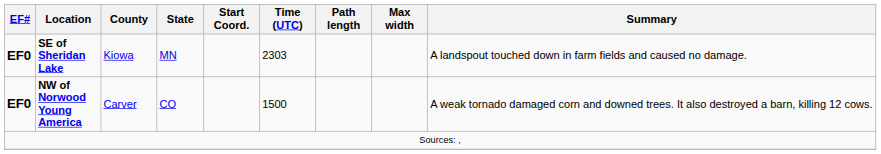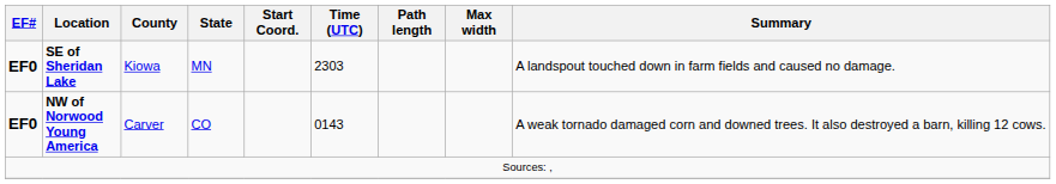 <table class="wikitable collapsible" width="100%">
 <tr>
 <th scope="col"  style="width:3%; text-align:center;"><a href='#'>EF#</a></th>
 <th scope="col"  style="width:7%; text-align:center;" class="unsortable">Location</th>
 <th scope="col"  style="width:6%; text-align:center;" class="unsortable">County</th>
 <th scope="col"  style="width:5%; text-align:center;">State</th>
 <th scope="col"  style="width:6%; text-align:center;">Start Coord.</th>
 <th scope="col"  style="width:6%; text-align:center;">Time (<a href='#'>UTC</a>)</th>
 <th scope="col"  style="width:6%; text-align:center;">Path length</th>
 <th scope="col"  style="width:6%; text-align:center;">Max width</th>
 <th scope="col" class="unsortable" style="width:48%; text-align:center;">Summary</th>
 </tr>
 <tr>
 <td><big><strong>EF0</strong></big></td>
 <td><strong>SE of <a href='#'>Sheridan Lake</a></strong></td>
 <td><a href='#'>Kiowa</a></td>
 <td><a href='#'>MN</a></td>
 <td></td>
 <td>2303</td>
 <td></td>
 <td></td>
 <td>A landspout touched down in farm fields and caused no damage.</td>
 </tr>
 <tr>
 <td><big><strong>EF0</strong></big></td>
 <td><strong>NW of <a href='#'>Norwood Young America</a></strong></td>
 <td><a href='#'>Carver</a></td>
 <td><a href='#'>CO</a></td>
 <td></td>
-<td>1500</td>
+<td>0143</td>
 <td></td>
 <td></td>
 <td>A weak tornado damaged corn and downed trees. It also destroyed a barn, killing 12 cows.</td>
 </tr>
 <tr>
 <td colspan="9" align=center><small>Sources: , </small></td>
 </tr>
 <tr>
 </tr>
 </table>
